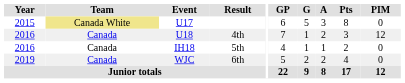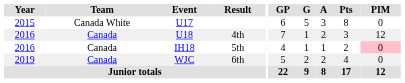 <table border="0" cellpadding="1" cellspacing="0" ID="Table3" style="text-align:center; width:40em;">
 <tr bgcolor="#e0e0e0">
 <th>Year</th>
 <th>Team</th>
 <th>Event</th>
 <th>Result</th>
 <th rowspan="100" bgcolor="#ffffff"></th>
 <th>GP</th>
 <th>G</th>
 <th>A</th>
 <th>Pts</th>
 <th>PIM</th>
 </tr>
 <tr>
 <td><a href='#'>2015</a></td>
-<td style="background: khaki;">Canada White</td>
+<td>Canada White</td>
 <td><a href='#'>U17</a></td>
 <td></td>
 <td>6</td>
 <td>5</td>
 <td>3</td>
 <td>8</td>
 <td>0</td>
 </tr>
 <tr bgcolor="#f0f0f0">
 <td><a href='#'>2016</a></td>
 <td><a href='#'>Canada</a></td>
 <td><a href='#'>U18</a></td>
 <td>4th</td>
 <td>7</td>
 <td>1</td>
 <td>2</td>
 <td>3</td>
 <td>12</td>
 </tr>
 <tr>
 <td><a href='#'>2016</a></td>
 <td>Canada</td>
 <td><a href='#'>IH18</a></td>
 <td>5th</td>
 <td>4</td>
 <td>1</td>
 <td>1</td>
 <td>2</td>
-<td>0</td>
+<td style="background: pink;">0</td>
 </tr>
 <tr bgcolor="#f0f0f0">
 <td><a href='#'>2019</a></td>
 <td><a href='#'>Canada</a></td>
 <td><a href='#'>WJC</a></td>
 <td>6th</td>
 <td>5</td>
 <td>2</td>
 <td>2</td>
 <td>4</td>
 <td>0</td>
 </tr>
 <tr bgcolor="#e0e0e0">
 <th colspan="4">Junior totals</th>
 <th>22</th>
 <th>9</th>
 <th>8</th>
 <th>17</th>
 <th>12</th>
 </tr>
 </table>
